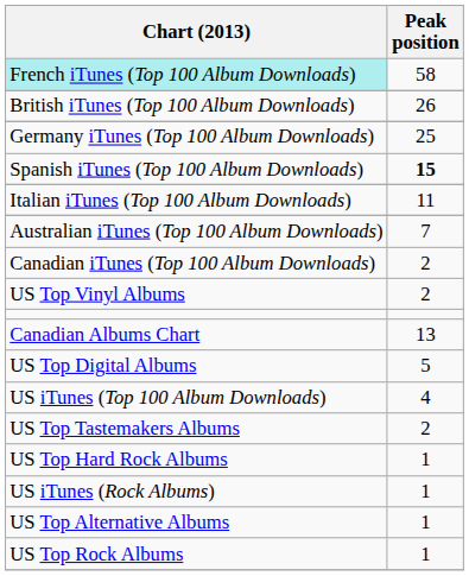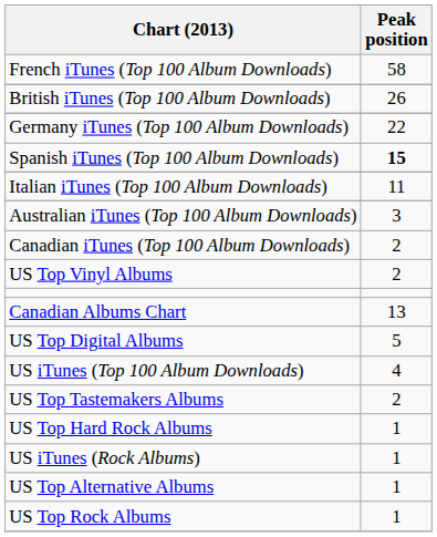 <table class="wikitable sortable">
 <tr>
 <th>Chart (2013)</th>
 <th>Peak<br>position</th>
 </tr>
 <tr>
-<td style="background: paleturquoise;">French <a href='#'>iTunes</a> (<em>Top 100 Album Downloads</em>)</td>
+<td>French <a href='#'>iTunes</a> (<em>Top 100 Album Downloads</em>)</td>
 <td style="text-align:center;">58</td>
 </tr>
 <tr>
 </tr>
 <tr>
 </tr>
 <tr>
 </tr>
 <tr>
 </tr>
 <tr>
 </tr>
 <tr>
 </tr>
 <tr>
 </tr>
 <tr>
 <td>British <a href='#'>iTunes</a> (<em>Top 100 Album Downloads</em>)</td>
 <td style="text-align:center;">26</td>
 </tr>
 <tr>
 </tr>
 <tr>
 </tr>
 <tr>
 <td>Germany <a href='#'>iTunes</a> (<em>Top 100 Album Downloads</em>)</td>
-<td style="text-align:center;">25</td>
+<td style="text-align:center;">22</td>
 </tr>
 <tr>
 <td>Spanish <a href='#'>iTunes</a> (<em>Top 100 Album Downloads</em>)</td>
 <td style="text-align:center;"><strong>15</strong></td>
 </tr>
 <tr>
 </tr>
 <tr>
 </tr>
 <tr>
 </tr>
 <tr>
 <td>Italian <a href='#'>iTunes</a> (<em>Top 100 Album Downloads</em>)</td>
 <td style="text-align:center;">11</td>
 </tr>
 <tr>
 </tr>
 <tr>
 </tr>
 <tr>
 </tr>
 <tr>
 </tr>
 <tr>
 <td>Australian <a href='#'>iTunes</a> (<em>Top 100 Album Downloads</em>)</td>
-<td style="text-align:center;">7</td>
+<td style="text-align:center;">3</td>
 </tr>
 <tr>
 <td>Canadian <a href='#'>iTunes</a> (<em>Top 100 Album Downloads</em>)</td>
 <td style="text-align:center;">2</td>
 </tr>
 <tr>
 <td>US <a href='#'>Top Vinyl Albums</a></td>
 <td style="text-align:center;">2</td>
 </tr>
 <tr>
 <td></td>
 </tr>
 <tr>
 <td><a href='#'>Canadian Albums Chart</a></td>
 <td style="text-align:center;">13</td>
 </tr>
 <tr>
 <td>US <a href='#'>Top Digital Albums</a></td>
 <td style="text-align:center;">5</td>
 </tr>
 <tr>
 <td>US <a href='#'>iTunes</a> (<em>Top 100 Album Downloads</em>)</td>
 <td style="text-align:center;">4</td>
 </tr>
 <tr>
 <td>US <a href='#'>Top Tastemakers Albums</a></td>
 <td style="text-align:center;">2</td>
 </tr>
 <tr>
 <td>US <a href='#'>Top Hard Rock Albums</a></td>
 <td style="text-align:center;">1</td>
 </tr>
 <tr>
 <td>US <a href='#'>iTunes</a> (<em>Rock Albums</em>)</td>
 <td style="text-align:center;">1</td>
 </tr>
 <tr>
 <td>US <a href='#'>Top Alternative Albums</a></td>
 <td style="text-align:center;">1</td>
 </tr>
 <tr>
 <td>US <a href='#'>Top Rock Albums</a></td>
 <td style="text-align:center;">1</td>
 </tr>
 <tr>
 </tr>
 </table>
